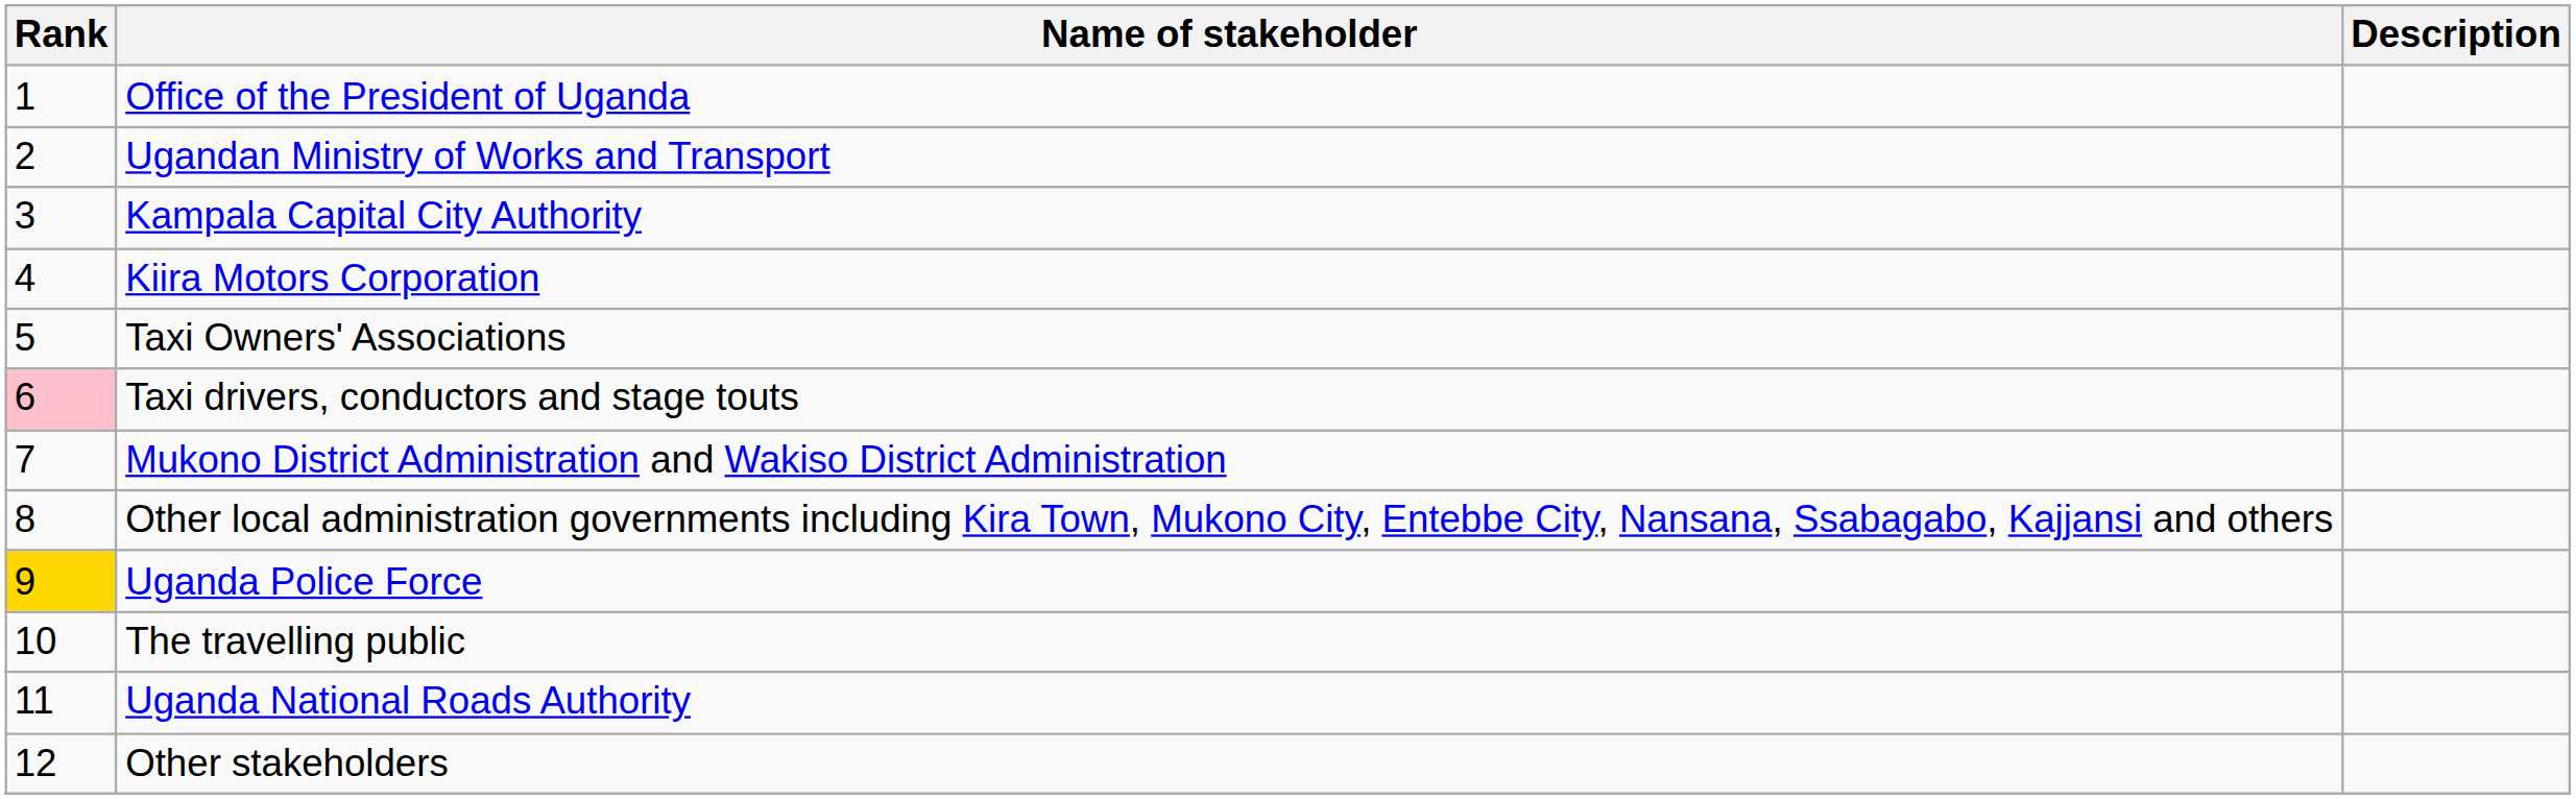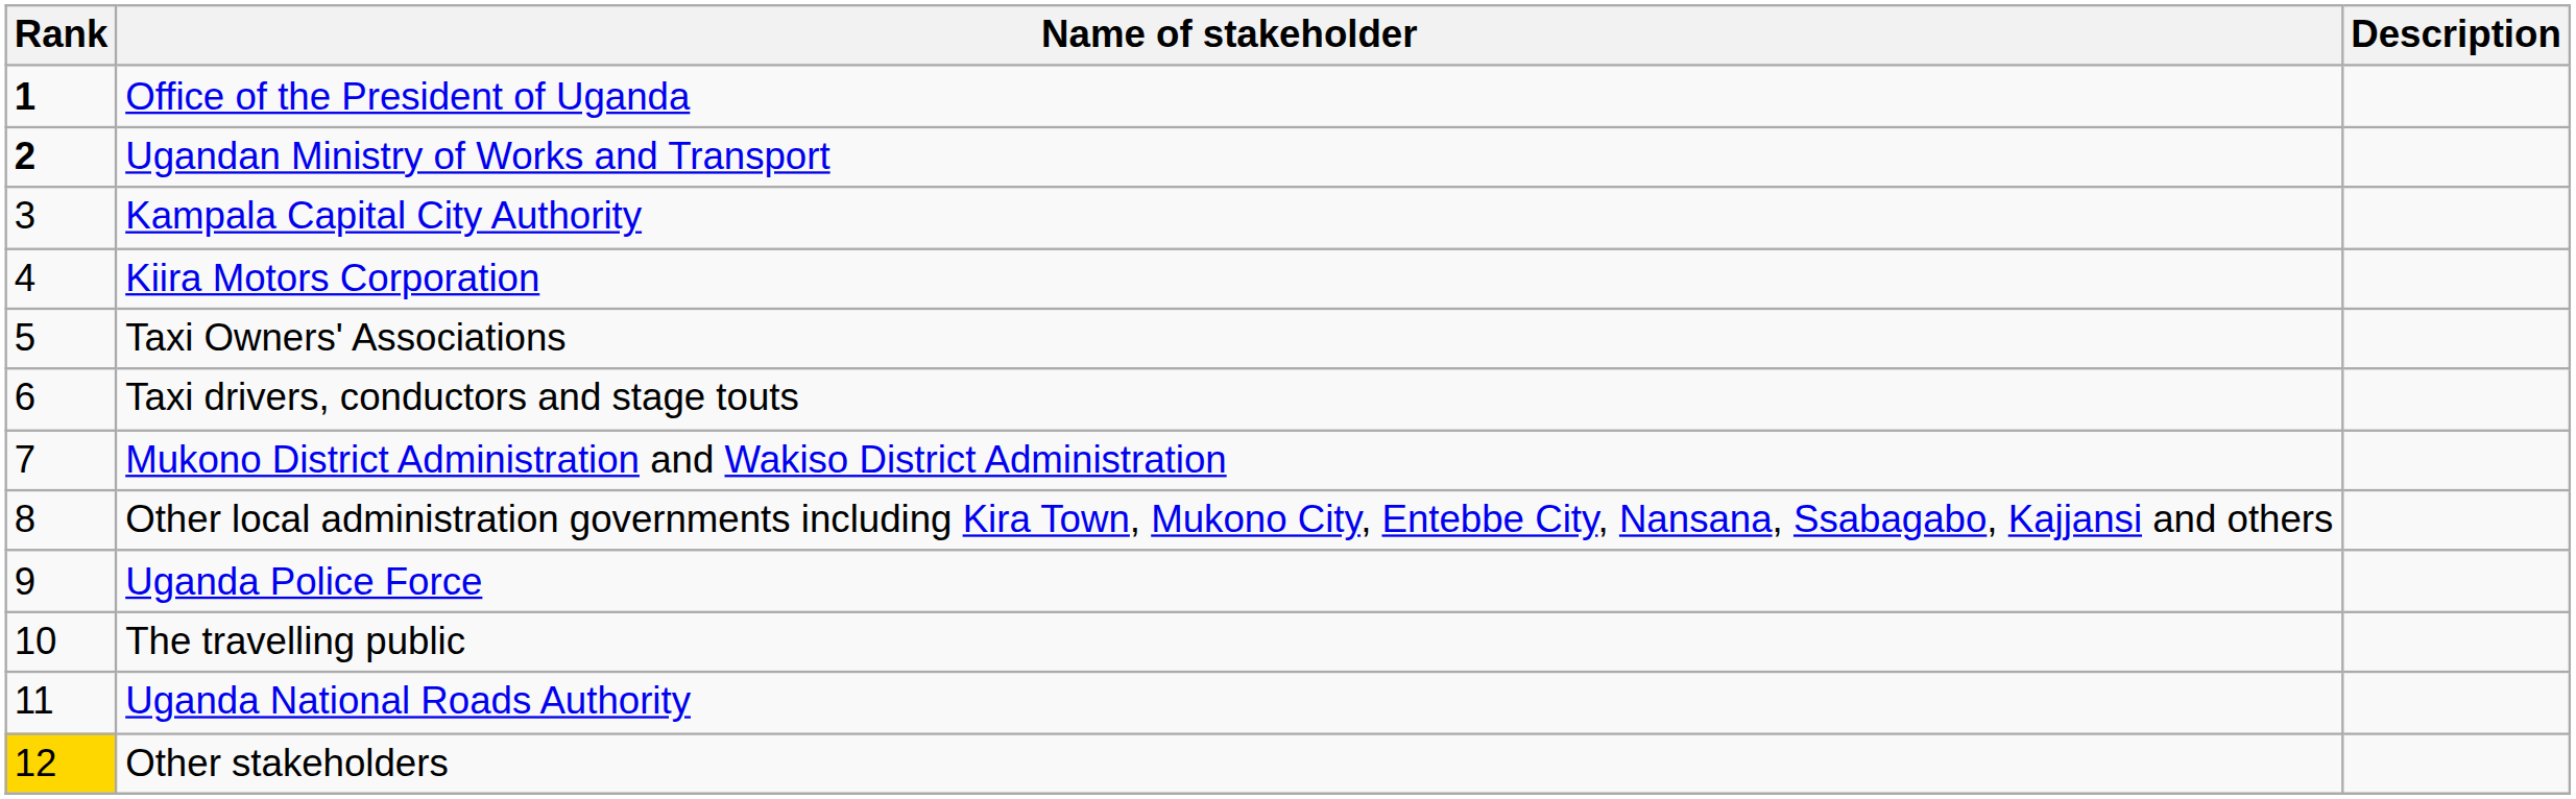 <table class="wikitable sortable" style="margin: 0.5em auto">
 <tr>
 <th>Rank</th>
 <th>Name of stakeholder</th>
 <th>Description</th>
 </tr>
 <tr>
-<td>1</td>
+<td><strong>1</strong></td>
 <td><a href='#'>Office of the President of Uganda</a></td>
 <td></td>
 </tr>
 <tr>
-<td>2</td>
+<td><strong>2</strong></td>
 <td><a href='#'>Ugandan Ministry of Works and Transport</a></td>
 <td></td>
 </tr>
 <tr>
 <td>3</td>
 <td><a href='#'>Kampala Capital City Authority</a></td>
 <td></td>
 </tr>
 <tr>
 <td>4</td>
 <td><a href='#'>Kiira Motors Corporation</a></td>
 <td></td>
 </tr>
 <tr>
 <td>5</td>
 <td>Taxi Owners' Associations</td>
 <td></td>
 </tr>
 <tr>
-<td style="background: pink;">6</td>
+<td>6</td>
 <td>Taxi drivers, conductors and stage touts</td>
 <td></td>
 </tr>
 <tr>
 <td>7</td>
 <td><a href='#'>Mukono District Administration</a> and <a href='#'>Wakiso District Administration</a></td>
 <td></td>
 </tr>
 <tr>
 <td>8</td>
 <td>Other local administration governments including <a href='#'>Kira Town</a>, <a href='#'>Mukono City</a>, <a href='#'>Entebbe City</a>, <a href='#'>Nansana</a>, <a href='#'>Ssabagabo</a>, <a href='#'>Kajjansi</a> and others</td>
 <td></td>
 </tr>
 <tr>
-<td style="background: gold;">9</td>
+<td>9</td>
 <td><a href='#'>Uganda Police Force</a></td>
 <td></td>
 </tr>
 <tr>
 <td>10</td>
 <td>The travelling public</td>
 <td></td>
 </tr>
 <tr>
 <td>11</td>
 <td><a href='#'>Uganda National Roads Authority</a></td>
 <td></td>
 </tr>
 <tr>
-<td>12</td>
+<td style="background: gold;">12</td>
 <td>Other stakeholders</td>
 <td></td>
 </tr>
 <tr>
 </tr>
 <tr>
 </tr>
 </table>
